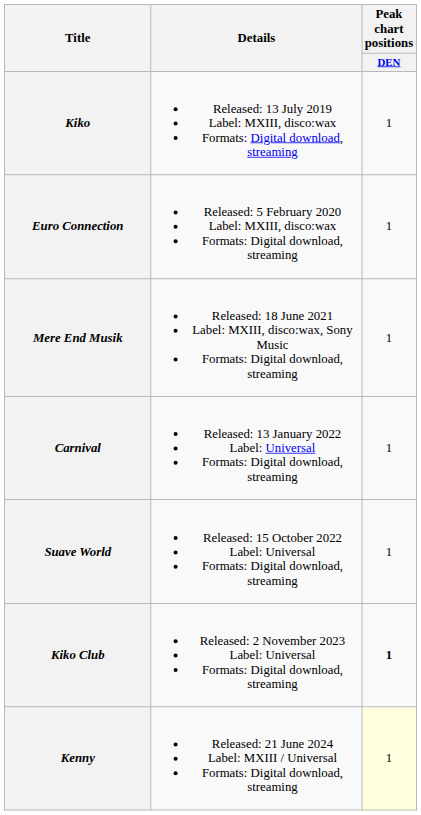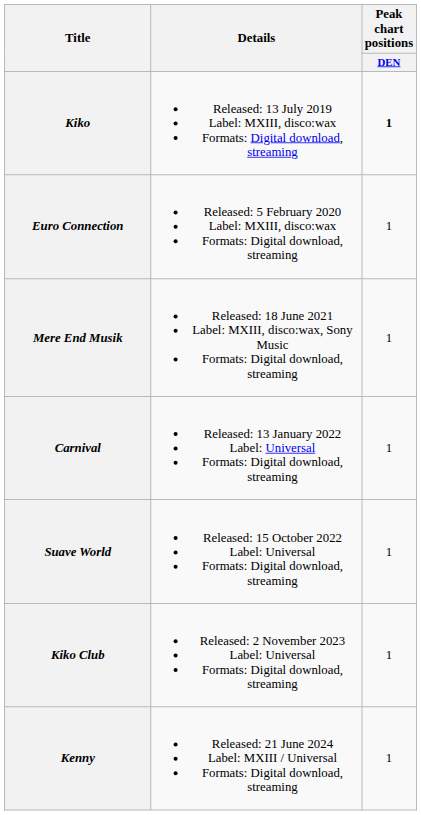 <table class="wikitable plainrowheaders" style="text-align:center;" border="1">
 <tr>
 <th scope="col" rowspan="2" style="width:11em;">Title</th>
 <th scope="col" rowspan="2" style="width:16em;">Details</th>
 <th scope="col" colspan="1">Peak chart positions</th>
 </tr>
 <tr>
 <th scope="col" style="width:3em;font-size:85%;"><a href='#'>DEN</a><br></th>
 </tr>
 <tr>
 <th scope="row"><em>Kiko</em></th>
 <td><br><ul><li>Released: 13 July 2019</li><li>Label: MXIII, disco:wax</li><li>Formats: <a href='#'>Digital download</a>, <a href='#'>streaming</a></li></ul></td>
-<td>1</td>
+<td><strong>1</strong></td>
 </tr>
 <tr>
 <th scope="row"><em>Euro Connection</em><br></th>
 <td><br><ul><li>Released: 5 February 2020</li><li>Label: MXIII, disco:wax</li><li>Formats: Digital download, streaming</li></ul></td>
 <td>1</td>
 </tr>
 <tr>
 <th scope="row"><em>Mere End Musik</em><br></th>
 <td><br><ul><li>Released: 18 June 2021</li><li>Label: MXIII, disco:wax, Sony Music</li><li>Formats: Digital download, streaming</li></ul></td>
 <td>1</td>
 </tr>
 <tr>
 <th scope="row"><em>Carnival</em></th>
 <td><br><ul><li>Released: 13 January 2022</li><li>Label: <a href='#'>Universal</a></li><li>Formats: Digital download, streaming</li></ul></td>
 <td>1</td>
 </tr>
 <tr>
 <th scope="row"><em>Suave World</em></th>
 <td><br><ul><li>Released: 15 October 2022</li><li>Label: Universal</li><li>Formats: Digital download, streaming</li></ul></td>
 <td>1</td>
 </tr>
 <tr>
 <th scope="row"><em>Kiko Club</em></th>
 <td><br><ul><li>Released: 2 November 2023</li><li>Label: Universal</li><li>Formats: Digital download, streaming</li></ul></td>
-<td><strong>1</strong></td>
+<td>1</td>
 </tr>
 <tr>
 <th scope="row"><em>Kenny</em><br></th>
 <td><br><ul><li>Released: 21 June 2024</li><li>Label: MXIII / Universal</li><li>Formats: Digital download, streaming</li></ul></td>
-<td style="background: lightyellow;">1</td>
+<td>1</td>
 </tr>
 </table>
